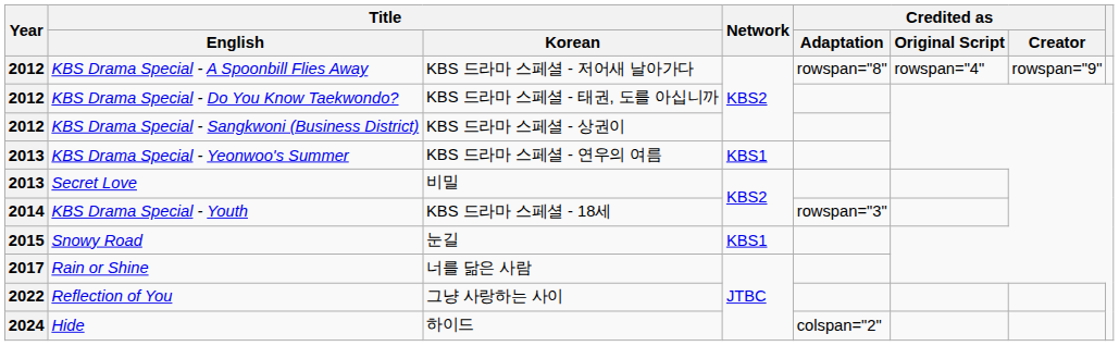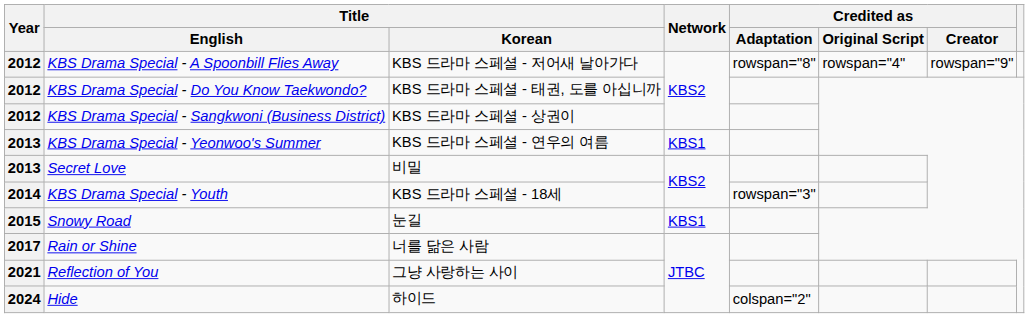 <table class="wikitable plainrowheaders">
 <tr>
 <th rowspan="2">Year</th>
 <th colspan="2">Title</th>
 <th rowspan="2">Network</th>
 <th colspan="3">Credited as</th>
 <th rowspan="2" class="unsortable"></th>
 </tr>
 <tr>
 <th>English</th>
 <th>Korean</th>
 <th>Adaptation</th>
 <th>Original Script</th>
 <th>Creator</th>
 </tr>
 <tr>
 <th scope="row">2012</th>
 <td><em><a href='#'>KBS Drama Special</a> - <a href='#'>A Spoonbill Flies Away</a></em></td>
 <td>KBS 드라마 스페셜 - 저어새 날아가다</td>
 <td rowspan="3"><a href='#'>KBS2</a></td>
 <td>rowspan="8" </td>
 <td>rowspan="4" </td>
 <td>rowspan="9" </td>
 <td></td>
 </tr>
 <tr>
 <th scope="row">2012</th>
 <td><em><a href='#'>KBS Drama Special</a> - <a href='#'>Do You Know Taekwondo?</a></em></td>
 <td>KBS 드라마 스페셜 - 태권, 도를 아십니까</td>
 <td></td>
 </tr>
 <tr>
 <th scope="row">2012</th>
 <td><em><a href='#'>KBS Drama Special</a> - <a href='#'>Sangkwoni (Business District)</a></em></td>
 <td>KBS 드라마 스페셜 - 상권이</td>
 <td></td>
 </tr>
 <tr>
 <th scope="row">2013</th>
 <td><em><a href='#'>KBS Drama Special</a> - <a href='#'>Yeonwoo's Summer</a></em></td>
 <td>KBS 드라마 스페셜 - 연우의 여름</td>
 <td><a href='#'>KBS1</a></td>
 <td></td>
 </tr>
 <tr>
 <th scope="row">2013</th>
 <td><em><a href='#'>Secret Love</a></em></td>
 <td>비밀</td>
 <td rowspan="2"><a href='#'>KBS2</a></td>
 <td></td>
 <td></td>
 </tr>
 <tr>
 <th scope="row">2014</th>
 <td><em><a href='#'>KBS Drama Special</a> - <a href='#'>Youth</a></em></td>
 <td>KBS 드라마 스페셜 - 18세</td>
 <td>rowspan="3"</td>
 <td></td>
 </tr>
 <tr>
 <th scope="row">2015</th>
 <td><em><a href='#'>Snowy Road</a></em></td>
 <td>눈길</td>
 <td><a href='#'>KBS1</a></td>
 <td></td>
 </tr>
 <tr>
 <th scope="row">2017</th>
 <td><a href='#'><em>Rain or Shine</em></a></td>
 <td>너를 닮은 사람</td>
 <td rowspan="3"><a href='#'>JTBC</a></td>
 <td></td>
 </tr>
 <tr>
-<th scope="row">2022</th>
+<th scope="row">2021</th>
 <td><em><a href='#'>Reflection of You</a></em></td>
 <td>그냥 사랑하는 사이</td>
 <td></td>
 <td></td>
 <td></td>
 </tr>
 <tr>
 <th scope="row">2024</th>
 <td><em><a href='#'>Hide</a></em></td>
 <td>하이드</td>
 <td>colspan="2" </td>
 <td></td>
 <td></td>
 </tr>
 </table>
